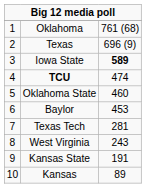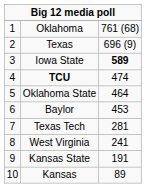 <table class="wikitable" style="display: inline-table;">
 <tr>
 <td align="center" Colspan="3"><strong>Big 12 media poll</strong></td>
 </tr>
 <tr align="center">
 </tr>
 <tr align="center">
 <td>1</td>
 <td>Oklahoma</td>
 <td>761 (68)</td>
 </tr>
 <tr align="center">
 <td>2</td>
 <td>Texas</td>
 <td>696 (9)</td>
 </tr>
 <tr align="center">
 <td>3</td>
 <td>Iowa State</td>
 <td><strong>589</strong></td>
 </tr>
 <tr align="center">
 <td>4</td>
 <td><strong>TCU</strong></td>
 <td>474</td>
 </tr>
 <tr align="center">
 <td>5</td>
 <td>Oklahoma State</td>
-<td>460</td>
+<td>464</td>
 </tr>
 <tr align="center">
 <td>6</td>
 <td>Baylor</td>
 <td>453</td>
 </tr>
 <tr align="center">
 <td>7</td>
 <td>Texas Tech</td>
 <td>281</td>
 </tr>
 <tr align="center">
 <td>8</td>
 <td>West Virginia</td>
-<td>243</td>
+<td>241</td>
 </tr>
 <tr align="center">
 <td>9</td>
 <td>Kansas State</td>
 <td>191</td>
 </tr>
 <tr align="center">
 <td>10</td>
 <td>Kansas</td>
 <td>89</td>
 </tr>
 </table>
